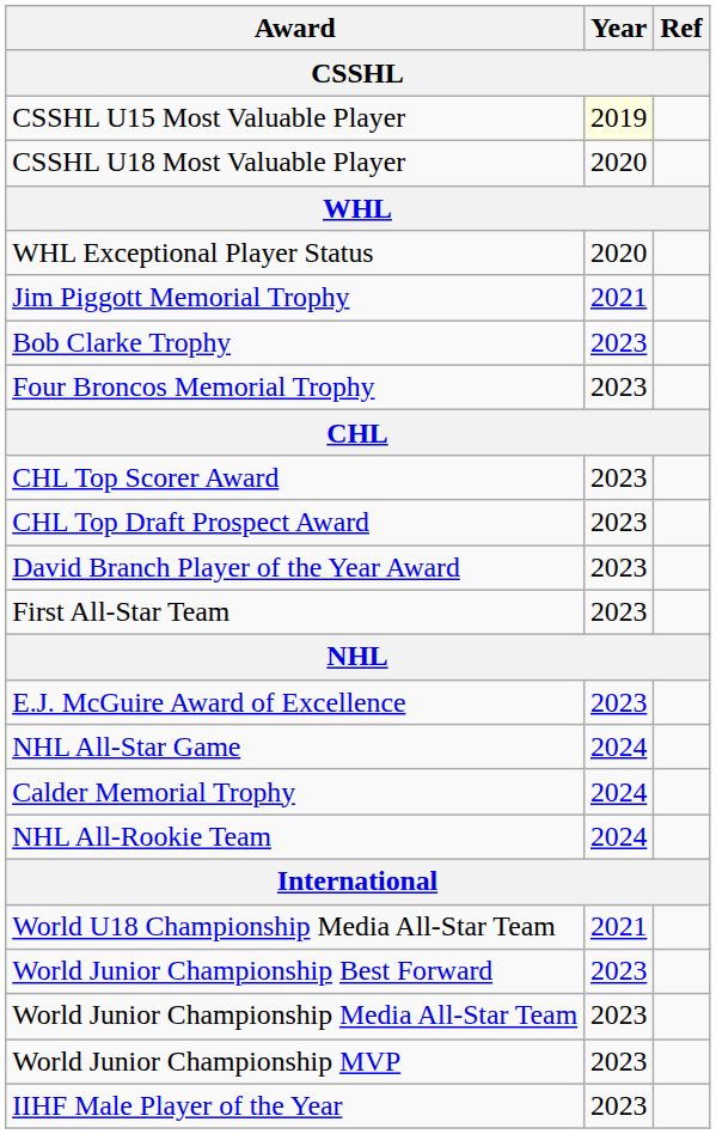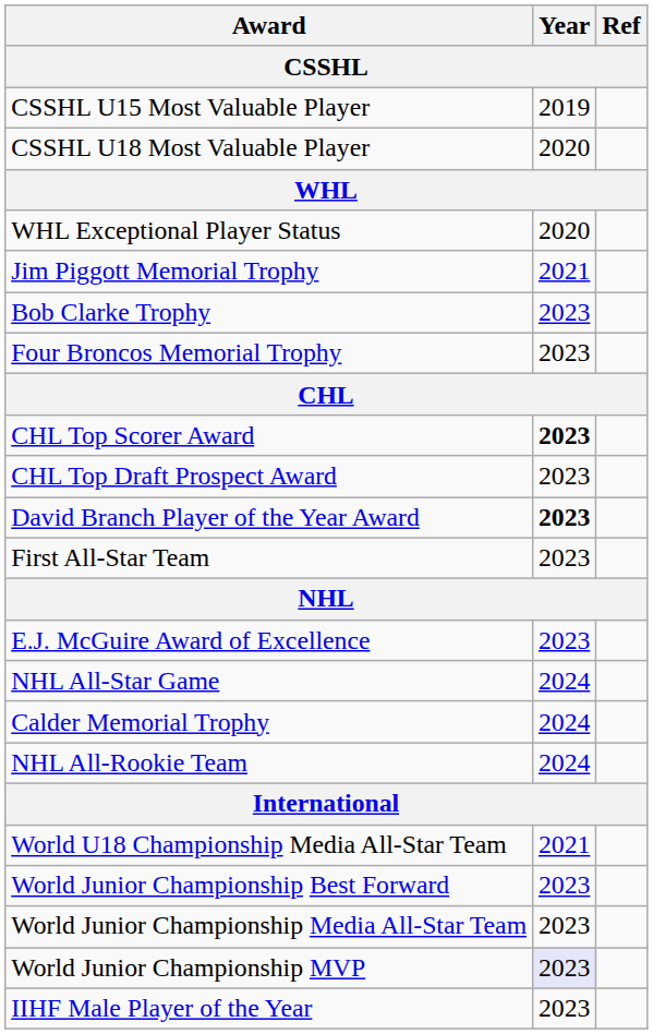 <table class="wikitable">
 <tr>
 <th>Award</th>
 <th>Year</th>
 <th>Ref</th>
 </tr>
 <tr>
 <th colspan="4">CSSHL</th>
 </tr>
 <tr>
 <td>CSSHL U15 Most Valuable Player</td>
-<td style="background: lightyellow;">2019</td>
+<td>2019</td>
 <td></td>
 </tr>
 <tr>
 <td>CSSHL U18 Most Valuable Player</td>
 <td>2020</td>
 <td></td>
 </tr>
 <tr>
 <th colspan="4"><a href='#'>WHL</a></th>
 </tr>
 <tr>
 <td>WHL Exceptional Player Status</td>
 <td>2020</td>
 <td></td>
 </tr>
 <tr>
 <td><a href='#'>Jim Piggott Memorial Trophy</a></td>
 <td><a href='#'>2021</a></td>
 <td></td>
 </tr>
 <tr>
 <td><a href='#'>Bob Clarke Trophy</a></td>
 <td><a href='#'>2023</a></td>
 <td></td>
 </tr>
 <tr>
 <td><a href='#'>Four Broncos Memorial Trophy</a></td>
 <td>2023</td>
 <td></td>
 </tr>
 <tr>
 <th colspan="4"><a href='#'>CHL</a></th>
 </tr>
 <tr>
 <td><a href='#'>CHL Top Scorer Award</a></td>
-<td>2023</td>
+<td><strong>2023</strong></td>
 <td></td>
 </tr>
 <tr>
 <td><a href='#'>CHL Top Draft Prospect Award</a></td>
 <td>2023</td>
 <td></td>
 </tr>
 <tr>
 <td><a href='#'>David Branch Player of the Year Award</a></td>
-<td>2023</td>
+<td><strong>2023</strong></td>
 <td></td>
 </tr>
 <tr>
 <td>First All-Star Team</td>
 <td>2023</td>
 <td></td>
 </tr>
 <tr>
 <th colspan="4"><a href='#'>NHL</a></th>
 </tr>
 <tr>
 <td><a href='#'>E.J. McGuire Award of Excellence</a></td>
 <td><a href='#'>2023</a></td>
 <td></td>
 </tr>
 <tr>
 <td><a href='#'>NHL All-Star Game</a></td>
 <td><a href='#'>2024</a></td>
 <td></td>
 </tr>
 <tr>
 <td><a href='#'>Calder Memorial Trophy</a></td>
 <td><a href='#'>2024</a></td>
 <td></td>
 </tr>
 <tr>
 <td><a href='#'>NHL All-Rookie Team</a></td>
 <td><a href='#'>2024</a></td>
 <td></td>
 </tr>
 <tr>
 <th colspan="4"><a href='#'>International</a></th>
 </tr>
 <tr>
 <td><a href='#'>World U18 Championship</a> Media All-Star Team</td>
 <td><a href='#'>2021</a></td>
 <td></td>
 </tr>
 <tr>
 <td><a href='#'>World Junior Championship</a> <a href='#'>Best Forward</a></td>
 <td><a href='#'>2023</a></td>
 <td></td>
 </tr>
 <tr>
 <td>World Junior Championship <a href='#'>Media All-Star Team</a></td>
 <td>2023</td>
 <td></td>
 </tr>
 <tr>
 <td>World Junior Championship <a href='#'>MVP</a></td>
-<td>2023</td>
+<td style="background: lavender;">2023</td>
 <td></td>
 </tr>
 <tr>
 <td><a href='#'>IIHF Male Player of the Year</a></td>
 <td>2023</td>
 <td></td>
 </tr>
 </table>
